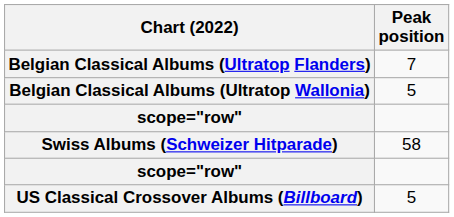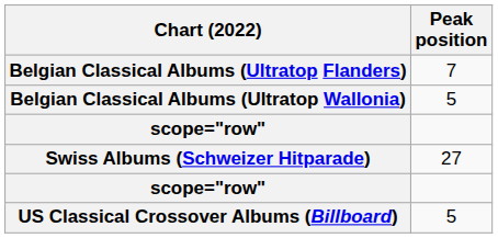 <table class="wikitable sortable plainrowheaders" style="text-align:center">
 <tr>
 <th scope="col">Chart (2022)</th>
 <th scope="col">Peak<br> position</th>
 </tr>
 <tr>
 <th scope="row">Belgian Classical Albums (<a href='#'>Ultratop</a> <a href='#'>Flanders</a>)</th>
 <td>7</td>
 </tr>
 <tr>
 <th scope="row">Belgian Classical Albums (Ultratop <a href='#'>Wallonia</a>)</th>
 <td>5</td>
 </tr>
 <tr>
 <th>scope="row" </th>
 </tr>
 <tr>
 <th scope="row">Swiss Albums (<a href='#'>Schweizer Hitparade</a>)</th>
-<td>58</td>
+<td>27</td>
 </tr>
 <tr>
 <th>scope="row" </th>
 </tr>
 <tr>
 <th scope="row">US Classical Crossover Albums (<em><a href='#'>Billboard</a></em>)</th>
 <td>5</td>
 </tr>
 </table>
